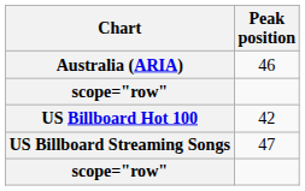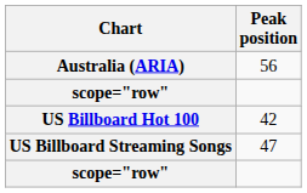 <table class="wikitable sortable plainrowheaders" style="text-align:center">
 <tr>
 <th scope="col">Chart</th>
 <th scope="col">Peak<br>position</th>
 </tr>
 <tr>
 <th scope="row">Australia (<a href='#'>ARIA</a>)</th>
-<td>46</td>
+<td>56</td>
 </tr>
 <tr>
 <th>scope="row"</th>
 </tr>
 <tr>
 <th scope="row">US <a href='#'>Billboard Hot 100</a></th>
 <td>42</td>
 </tr>
 <tr>
 <th scope="row">US Billboard Streaming Songs</th>
 <td>47</td>
 </tr>
 <tr>
 <th>scope="row"</th>
 </tr>
 </table>
